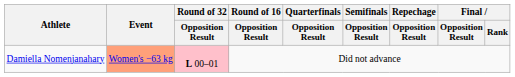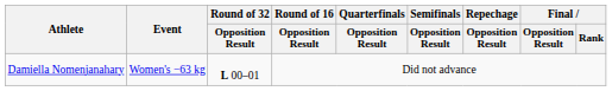 <table class="wikitable" style="font-size:90%">
 <tr>
 <th rowspan="2">Athlete</th>
 <th rowspan="2">Event</th>
 <th>Round of 32</th>
 <th>Round of 16</th>
 <th>Quarterfinals</th>
 <th>Semifinals</th>
 <th>Repechage</th>
 <th colspan=2>Final / </th>
 </tr>
 <tr style="font-size:95%">
 <th>Opposition<br>Result</th>
 <th>Opposition<br>Result</th>
 <th>Opposition<br>Result</th>
 <th>Opposition<br>Result</th>
 <th>Opposition<br>Result</th>
 <th>Opposition<br>Result</th>
 <th>Rank</th>
 </tr>
 <tr align=center>
 <td align=left><a href='#'>Damiella Nomenjanahary</a></td>
-<td align=left style="background: lightsalmon;"><a href='#'>Women's −63 kg</a></td>
-<td style="background: pink;"><br><strong>L</strong> 00–01</td>
+<td align=left><a href='#'>Women's −63 kg</a></td>
+<td><br><strong>L</strong> 00–01</td>
 <td colspan=6>Did not advance</td>
 </tr>
 </table>
